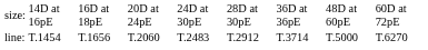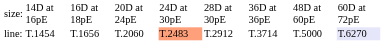 <table style="margin-left:40px;">
 <tr>
 <td>size:</td>
 <td>14D at 16pE</td>
 <td>16D at 18pE</td>
 <td>20D at 24pE</td>
 <td>24D at 30pE</td>
 <td>28D at 30pE</td>
 <td>36D at 36pE</td>
 <td>48D at 60pE</td>
 <td>60D at 72pE</td>
 </tr>
 <tr>
 <td>line:</td>
 <td>T.1454</td>
 <td>T.1656</td>
 <td>T.2060</td>
-<td>T.2483</td>
+<td style="background: lightsalmon;">T.2483</td>
 <td>T.2912</td>
 <td>T.3714</td>
 <td>T.5000</td>
-<td>T.6270</td>
+<td style="background: lavender;">T.6270</td>
 </tr>
 </table>
